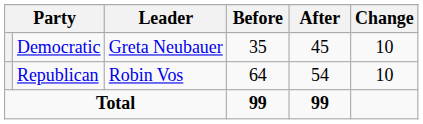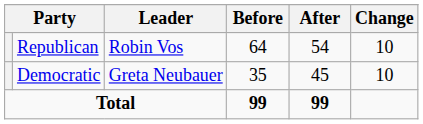 <table class="wikitable" style="text-align:center;">
 <tr>
 </tr>
 <tr>
 <th colspan="2">Party</th>
 <th>Leader</th>
 <th style="width:3em">Before</th>
 <th style="width:3em">After</th>
 <th style="width:3em">Change</th>
 </tr>
 <tr>
 <th style="background-color:"></th>
+<td style="text-align:left;"><a href='#'>Republican</a></td>
+<td style="text-align:left;"><a href='#'>Robin Vos</a></td>
+<td>64</td>
+<td>54</td>
+<td> 10</td>
+</tr>
+<tr>
+<th style="background-color:"></th>
 <td style="text-align:left;"><a href='#'>Democratic</a></td>
 <td style="text-align:left;"><a href='#'>Greta Neubauer</a></td>
 <td>35</td>
 <td>45</td>
-<td> 10</td>
-</tr>
-<tr>
-<th style="background-color:"></th>
-<td style="text-align:left;"><a href='#'>Republican</a></td>
-<td style="text-align:left;"><a href='#'>Robin Vos</a></td>
-<td>64</td>
-<td>54</td>
 <td> 10</td>
 </tr>
 <tr>
 <td colspan="3"><strong>Total</strong></td>
 <td><strong>99</strong></td>
 <td><strong>99</strong></td>
 <td></td>
 </tr>
 </table>
